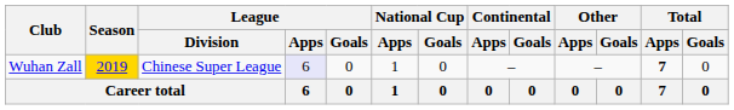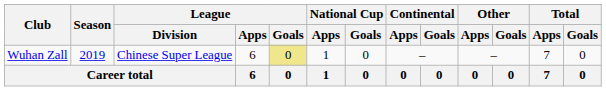 <table class="wikitable" style="text-align: center">
 <tr>
 <th rowspan="2">Club</th>
 <th rowspan="2">Season</th>
 <th colspan="3">League</th>
 <th colspan="2">National Cup</th>
 <th colspan="2">Continental</th>
 <th colspan="2">Other</th>
 <th colspan="2">Total</th>
 </tr>
 <tr>
 <th>Division</th>
 <th>Apps</th>
 <th>Goals</th>
 <th>Apps</th>
 <th>Goals</th>
 <th>Apps</th>
 <th>Goals</th>
 <th>Apps</th>
 <th>Goals</th>
 <th>Apps</th>
 <th>Goals</th>
 </tr>
 <tr>
 <td><a href='#'>Wuhan Zall</a></td>
-<td style="background: gold;"><a href='#'>2019</a></td>
+<td><a href='#'>2019</a></td>
 <td><a href='#'>Chinese Super League</a></td>
-<td style="background: lavender;">6</td>
-<td>0</td>
+<td>6</td>
+<td style="background: khaki;">0</td>
 <td>1</td>
 <td>0</td>
 <td colspan="2">–</td>
 <td colspan="2">–</td>
-<td><strong>7</strong></td>
+<td>7</td>
 <td>0</td>
 </tr>
 <tr>
 <th colspan=3>Career total</th>
 <th>6</th>
 <th>0</th>
 <th>1</th>
 <th>0</th>
 <th>0</th>
 <th>0</th>
 <th>0</th>
 <th>0</th>
 <th>7</th>
 <th>0</th>
 </tr>
 </table>
